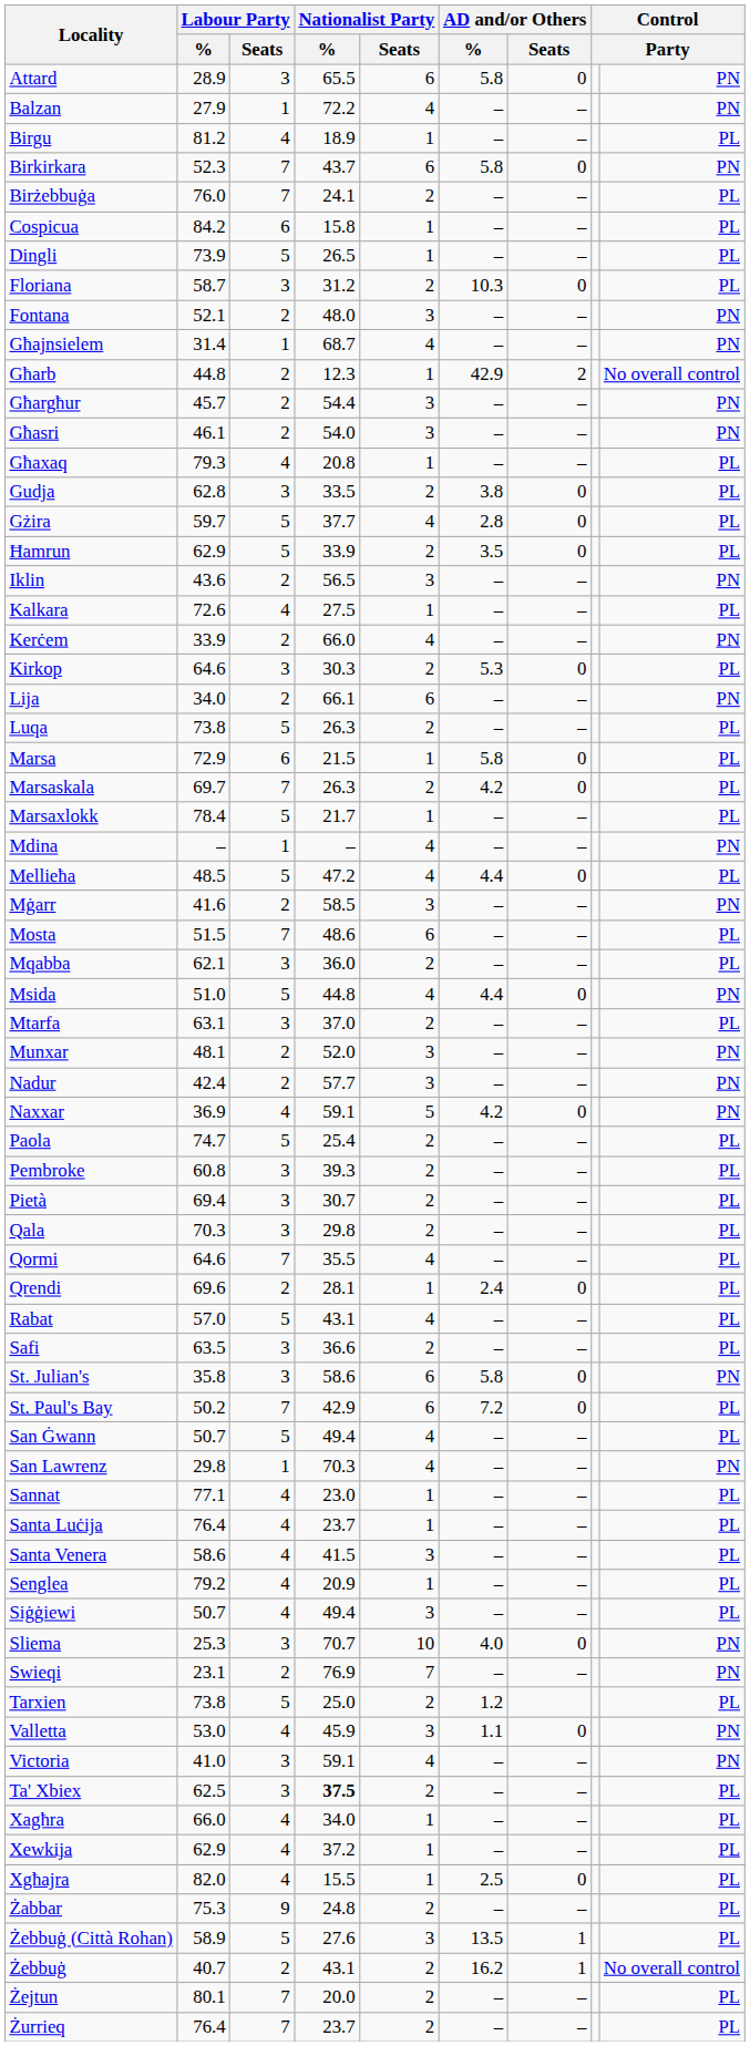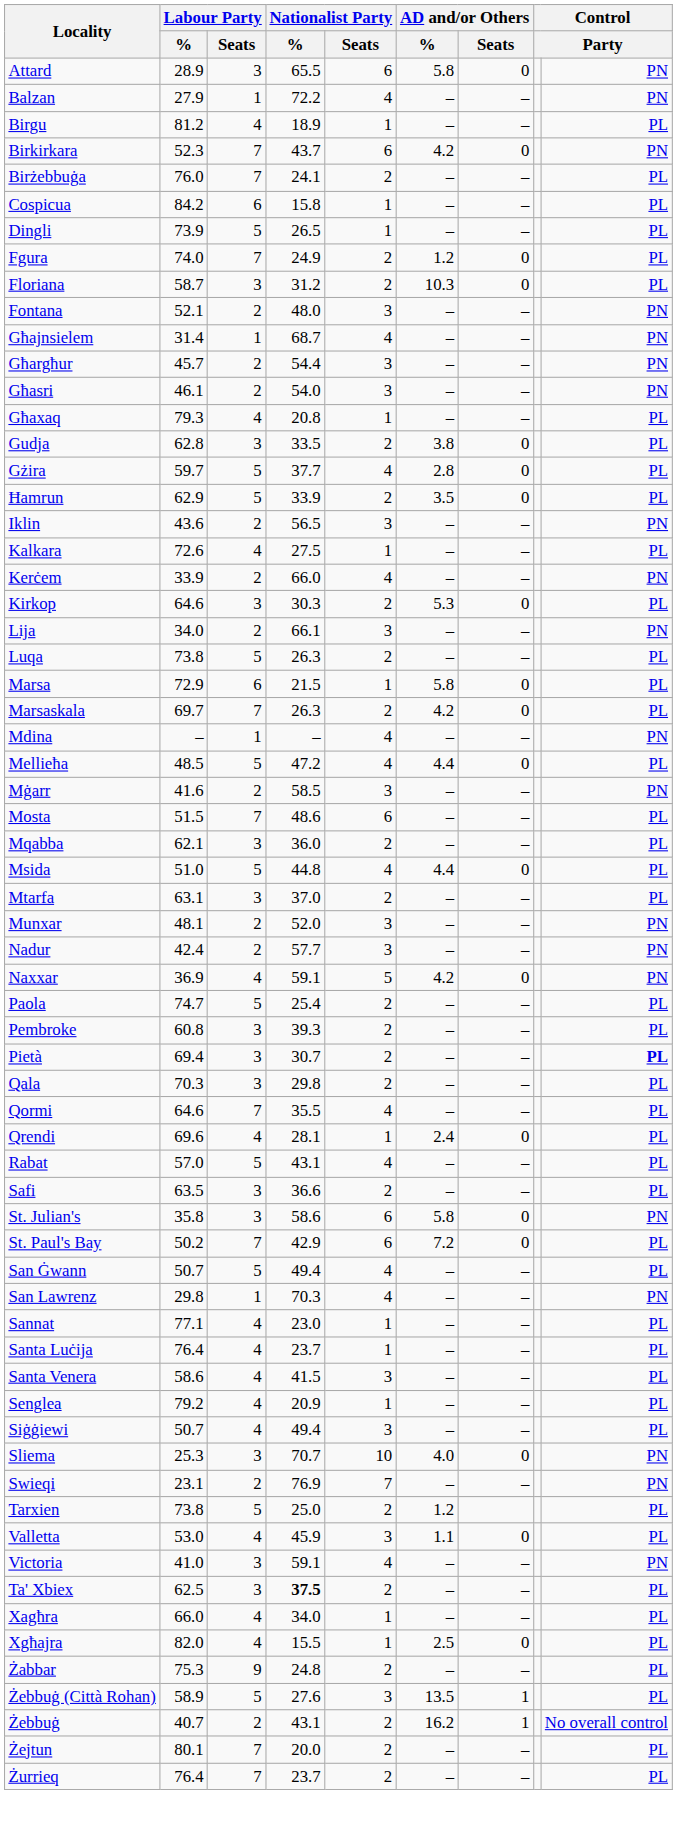 <table class="wikitable sortable" style=text-align:right>
 <tr>
 <th rowspan=2>Locality</th>
 <th colspan=2><a href='#'>Labour Party</a></th>
 <th colspan=2><a href='#'>Nationalist Party</a></th>
 <th colspan=2><a href='#'>AD</a> and/or Others</th>
 <th colspan="2">Control</th>
 </tr>
 <tr>
 <th>%</th>
 <th>Seats</th>
 <th>%</th>
 <th>Seats</th>
 <th>%</th>
 <th>Seats</th>
 <th colspan="2">Party</th>
 </tr>
 <tr>
 <td style="text-align: left"><a href='#'>Attard</a></td>
 <td>28.9</td>
 <td>3</td>
 <td>65.5</td>
 <td>6</td>
 <td>5.8</td>
 <td>0</td>
 <td style="background-color:"></td>
 <td><a href='#'>PN</a></td>
 </tr>
 <tr>
 <td style="text-align: left"><a href='#'>Balzan</a></td>
 <td>27.9</td>
 <td>1</td>
 <td>72.2</td>
 <td>4</td>
 <td>–</td>
 <td>–</td>
 <td style="background-color:"></td>
 <td><a href='#'>PN</a></td>
 </tr>
 <tr>
 <td style="text-align: left"><a href='#'>Birgu</a></td>
 <td>81.2</td>
 <td>4</td>
 <td>18.9</td>
 <td>1</td>
 <td>–</td>
 <td>–</td>
 <td style="background-color:"></td>
 <td><a href='#'>PL</a></td>
 </tr>
 <tr>
 <td style="text-align: left"><a href='#'>Birkirkara</a></td>
 <td>52.3</td>
 <td>7</td>
 <td>43.7</td>
 <td>6</td>
-<td>5.8</td>
+<td>4.2</td>
 <td>0</td>
 <td style="background-color:"></td>
 <td><a href='#'>PN</a></td>
 </tr>
 <tr>
 <td style="text-align: left"><a href='#'>Birżebbuġa</a></td>
 <td>76.0</td>
 <td>7</td>
 <td>24.1</td>
 <td>2</td>
 <td>–</td>
 <td>–</td>
 <td style="background-color:"></td>
 <td><a href='#'>PL</a></td>
 </tr>
 <tr>
 <td style="text-align: left"><a href='#'>Cospicua</a></td>
 <td>84.2</td>
 <td>6</td>
 <td>15.8</td>
 <td>1</td>
 <td>–</td>
 <td>–</td>
 <td style="background-color:"></td>
 <td><a href='#'>PL</a></td>
 </tr>
 <tr>
 <td style="text-align: left"><a href='#'>Dingli</a></td>
 <td>73.9</td>
 <td>5</td>
 <td>26.5</td>
 <td>1</td>
 <td>–</td>
 <td>–</td>
 <td style="background-color:"></td>
 <td><a href='#'>PL</a></td>
 </tr>
 <tr>
+<td style="text-align: left"><a href='#'>Fgura</a></td>
+<td>74.0</td>
+<td>7</td>
+<td>24.9</td>
+<td>2</td>
+<td>1.2</td>
+<td>0</td>
+<td style="background-color:"></td>
+<td><a href='#'>PL</a></td>
+</tr>
+<tr>
 <td style="text-align: left"><a href='#'>Floriana</a></td>
 <td>58.7</td>
 <td>3</td>
 <td>31.2</td>
 <td>2</td>
 <td>10.3</td>
 <td>0</td>
 <td style="background-color:"></td>
 <td><a href='#'>PL</a></td>
 </tr>
 <tr>
 <td style="text-align: left"><a href='#'>Fontana</a></td>
 <td>52.1</td>
 <td>2</td>
 <td>48.0</td>
 <td>3</td>
 <td>–</td>
 <td>–</td>
 <td style="background-color:"></td>
 <td><a href='#'>PN</a></td>
 </tr>
 <tr>
 <td style="text-align: left"><a href='#'>Għajnsielem</a></td>
 <td>31.4</td>
 <td>1</td>
 <td>68.7</td>
 <td>4</td>
 <td>–</td>
 <td>–</td>
 <td style="background-color:"></td>
 <td><a href='#'>PN</a></td>
-</tr>
-<tr>
-<td style="text-align: left"><a href='#'>Għarb</a></td>
-<td>44.8</td>
-<td>2</td>
-<td>12.3</td>
-<td>1</td>
-<td>42.9</td>
-<td>2</td>
-<td style="background-color:"></td>
-<td><a href='#'>No overall control</a></td>
 </tr>
 <tr>
 <td style="text-align: left"><a href='#'>Għargħur</a></td>
 <td>45.7</td>
 <td>2</td>
 <td>54.4</td>
 <td>3</td>
 <td>–</td>
 <td>–</td>
 <td style="background-color:"></td>
 <td><a href='#'>PN</a></td>
 </tr>
 <tr>
 <td style="text-align: left"><a href='#'>Għasri</a></td>
 <td>46.1</td>
 <td>2</td>
 <td>54.0</td>
 <td>3</td>
 <td>–</td>
 <td>–</td>
 <td style="background-color:"></td>
 <td><a href='#'>PN</a></td>
 </tr>
 <tr>
 <td style="text-align: left"><a href='#'>Għaxaq</a></td>
 <td>79.3</td>
 <td>4</td>
 <td>20.8</td>
 <td>1</td>
 <td>–</td>
 <td>–</td>
 <td style="background-color:"></td>
 <td><a href='#'>PL</a></td>
 </tr>
 <tr>
 <td style="text-align: left"><a href='#'>Gudja</a></td>
 <td>62.8</td>
 <td>3</td>
 <td>33.5</td>
 <td>2</td>
 <td>3.8</td>
 <td>0</td>
 <td style="background-color:"></td>
 <td><a href='#'>PL</a></td>
 </tr>
 <tr>
 <td style="text-align: left"><a href='#'>Gżira</a></td>
 <td>59.7</td>
 <td>5</td>
 <td>37.7</td>
 <td>4</td>
 <td>2.8</td>
 <td>0</td>
 <td style="background-color:"></td>
 <td><a href='#'>PL</a></td>
 </tr>
 <tr>
 <td style="text-align: left"><a href='#'>Ħamrun</a></td>
 <td>62.9</td>
 <td>5</td>
 <td>33.9</td>
 <td>2</td>
 <td>3.5</td>
 <td>0</td>
 <td style="background-color:"></td>
 <td><a href='#'>PL</a></td>
 </tr>
 <tr>
 <td style="text-align: left"><a href='#'>Iklin</a></td>
 <td>43.6</td>
 <td>2</td>
 <td>56.5</td>
 <td>3</td>
 <td>–</td>
 <td>–</td>
 <td style="background-color:"></td>
 <td><a href='#'>PN</a></td>
 </tr>
 <tr>
 <td style="text-align: left"><a href='#'>Kalkara</a></td>
 <td>72.6</td>
 <td>4</td>
 <td>27.5</td>
 <td>1</td>
 <td>–</td>
 <td>–</td>
 <td style="background-color:"></td>
 <td><a href='#'>PL</a></td>
 </tr>
 <tr>
 <td style="text-align: left"><a href='#'>Kerċem</a></td>
 <td>33.9</td>
 <td>2</td>
 <td>66.0</td>
 <td>4</td>
 <td>–</td>
 <td>–</td>
 <td style="background-color:"></td>
 <td><a href='#'>PN</a></td>
 </tr>
 <tr>
 <td style="text-align: left"><a href='#'>Kirkop</a></td>
 <td>64.6</td>
 <td>3</td>
 <td>30.3</td>
 <td>2</td>
 <td>5.3</td>
 <td>0</td>
 <td style="background-color:"></td>
 <td><a href='#'>PL</a></td>
 </tr>
 <tr>
 <td style="text-align: left"><a href='#'>Lija</a></td>
 <td>34.0</td>
 <td>2</td>
 <td>66.1</td>
-<td>6</td>
+<td>3</td>
 <td>–</td>
 <td>–</td>
 <td style="background-color:"></td>
 <td><a href='#'>PN</a></td>
 </tr>
 <tr>
 <td style="text-align: left"><a href='#'>Luqa</a></td>
 <td>73.8</td>
 <td>5</td>
 <td>26.3</td>
 <td>2</td>
 <td>–</td>
 <td>–</td>
 <td style="background-color:"></td>
 <td><a href='#'>PL</a></td>
 </tr>
 <tr>
 <td style="text-align: left"><a href='#'>Marsa</a></td>
 <td>72.9</td>
 <td>6</td>
 <td>21.5</td>
 <td>1</td>
 <td>5.8</td>
 <td>0</td>
 <td style="background-color:"></td>
 <td><a href='#'>PL</a></td>
 </tr>
 <tr>
 <td style="text-align: left"><a href='#'>Marsaskala</a></td>
 <td>69.7</td>
 <td>7</td>
 <td>26.3</td>
 <td>2</td>
 <td>4.2</td>
 <td>0</td>
-<td style="background-color:"></td>
-<td><a href='#'>PL</a></td>
-</tr>
-<tr>
-<td style="text-align: left"><a href='#'>Marsaxlokk</a></td>
-<td>78.4</td>
-<td>5</td>
-<td>21.7</td>
-<td>1</td>
-<td>–</td>
-<td>–</td>
 <td style="background-color:"></td>
 <td><a href='#'>PL</a></td>
 </tr>
 <tr>
 <td style="text-align: left"><a href='#'>Mdina</a></td>
 <td>–</td>
 <td>1</td>
 <td>–</td>
 <td>4</td>
 <td>–</td>
 <td>–</td>
 <td style="background-color:"></td>
 <td><a href='#'>PN</a></td>
 </tr>
 <tr>
 <td style="text-align: left"><a href='#'>Mellieħa</a></td>
 <td>48.5</td>
 <td>5</td>
 <td>47.2</td>
 <td>4</td>
 <td>4.4</td>
 <td>0</td>
 <td style="background-color:"></td>
 <td><a href='#'>PL</a></td>
 </tr>
 <tr>
 <td style="text-align: left"><a href='#'>Mġarr</a></td>
 <td>41.6</td>
 <td>2</td>
 <td>58.5</td>
 <td>3</td>
 <td>–</td>
 <td>–</td>
 <td style="background-color:"></td>
 <td><a href='#'>PN</a></td>
 </tr>
 <tr>
 <td style="text-align: left"><a href='#'>Mosta</a></td>
 <td>51.5</td>
 <td>7</td>
 <td>48.6</td>
 <td>6</td>
 <td>–</td>
 <td>–</td>
 <td style="background-color:"></td>
 <td><a href='#'>PL</a></td>
 </tr>
 <tr>
 <td style="text-align: left"><a href='#'>Mqabba</a></td>
 <td>62.1</td>
 <td>3</td>
 <td>36.0</td>
 <td>2</td>
 <td>–</td>
 <td>–</td>
 <td style="background-color:"></td>
 <td><a href='#'>PL</a></td>
 </tr>
 <tr>
 <td style="text-align: left"><a href='#'>Msida</a></td>
 <td>51.0</td>
 <td>5</td>
 <td>44.8</td>
 <td>4</td>
 <td>4.4</td>
 <td>0</td>
 <td style="background-color:"></td>
-<td><a href='#'>PN</a></td>
+<td><a href='#'>PL</a></td>
 </tr>
 <tr>
 <td style="text-align: left"><a href='#'>Mtarfa</a></td>
 <td>63.1</td>
 <td>3</td>
 <td>37.0</td>
 <td>2</td>
 <td>–</td>
 <td>–</td>
 <td style="background-color:"></td>
 <td><a href='#'>PL</a></td>
 </tr>
 <tr>
 <td style="text-align: left"><a href='#'>Munxar</a></td>
 <td>48.1</td>
 <td>2</td>
 <td>52.0</td>
 <td>3</td>
 <td>–</td>
 <td>–</td>
 <td style="background-color:"></td>
 <td><a href='#'>PN</a></td>
 </tr>
 <tr>
 <td style="text-align: left"><a href='#'>Nadur</a></td>
 <td>42.4</td>
 <td>2</td>
 <td>57.7</td>
 <td>3</td>
 <td>–</td>
 <td>–</td>
 <td style="background-color:"></td>
 <td><a href='#'>PN</a></td>
 </tr>
 <tr>
 <td style="text-align: left"><a href='#'>Naxxar</a></td>
 <td>36.9</td>
 <td>4</td>
 <td>59.1</td>
 <td>5</td>
 <td>4.2</td>
 <td>0</td>
 <td style="background-color:"></td>
 <td><a href='#'>PN</a></td>
 </tr>
 <tr>
 <td style="text-align: left"><a href='#'>Paola</a></td>
 <td>74.7</td>
 <td>5</td>
 <td>25.4</td>
 <td>2</td>
 <td>–</td>
 <td>–</td>
 <td style="background-color:"></td>
 <td><a href='#'>PL</a></td>
 </tr>
 <tr>
 <td style="text-align: left"><a href='#'>Pembroke</a></td>
 <td>60.8</td>
 <td>3</td>
 <td>39.3</td>
 <td>2</td>
 <td>–</td>
 <td>–</td>
 <td style="background-color:"></td>
 <td><a href='#'>PL</a></td>
 </tr>
 <tr>
 <td style="text-align: left"><a href='#'>Pietà</a></td>
 <td>69.4</td>
 <td>3</td>
 <td>30.7</td>
 <td>2</td>
 <td>–</td>
 <td>–</td>
 <td style="background-color:"></td>
-<td><a href='#'>PL</a></td>
+<td><strong><a href='#'>PL</a></strong></td>
 </tr>
 <tr>
 <td style="text-align: left"><a href='#'>Qala</a></td>
 <td>70.3</td>
 <td>3</td>
 <td>29.8</td>
 <td>2</td>
 <td>–</td>
 <td>–</td>
 <td style="background-color:"></td>
 <td><a href='#'>PL</a></td>
 </tr>
 <tr>
 <td style="text-align: left"><a href='#'>Qormi</a></td>
 <td>64.6</td>
 <td>7</td>
 <td>35.5</td>
 <td>4</td>
 <td>–</td>
 <td>–</td>
 <td style="background-color:"></td>
 <td><a href='#'>PL</a></td>
 </tr>
 <tr>
 <td style="text-align: left"><a href='#'>Qrendi</a></td>
 <td>69.6</td>
-<td>2</td>
+<td>4</td>
 <td>28.1</td>
 <td>1</td>
 <td>2.4</td>
 <td>0</td>
 <td style="background-color:"></td>
 <td><a href='#'>PL</a></td>
 </tr>
 <tr>
 <td style="text-align: left"><a href='#'>Rabat</a></td>
 <td>57.0</td>
 <td>5</td>
 <td>43.1</td>
 <td>4</td>
 <td>–</td>
 <td>–</td>
 <td style="background-color:"></td>
 <td><a href='#'>PL</a></td>
 </tr>
 <tr>
 <td style="text-align: left"><a href='#'>Safi</a></td>
 <td>63.5</td>
 <td>3</td>
 <td>36.6</td>
 <td>2</td>
 <td>–</td>
 <td>–</td>
 <td style="background-color:"></td>
 <td><a href='#'>PL</a></td>
 </tr>
 <tr>
 <td style="text-align: left"><a href='#'>St. Julian's</a></td>
 <td>35.8</td>
 <td>3</td>
 <td>58.6</td>
 <td>6</td>
 <td>5.8</td>
 <td>0</td>
 <td style="background-color:"></td>
 <td><a href='#'>PN</a></td>
 </tr>
 <tr>
 <td style="text-align: left"><a href='#'>St. Paul's Bay</a></td>
 <td>50.2</td>
 <td>7</td>
 <td>42.9</td>
 <td>6</td>
 <td>7.2</td>
 <td>0</td>
 <td style="background-color:"></td>
 <td><a href='#'>PL</a></td>
 </tr>
 <tr>
 <td style="text-align: left"><a href='#'>San Ġwann</a></td>
 <td>50.7</td>
 <td>5</td>
 <td>49.4</td>
 <td>4</td>
 <td>–</td>
 <td>–</td>
 <td style="background-color:"></td>
 <td><a href='#'>PL</a></td>
 </tr>
 <tr>
 <td style="text-align: left"><a href='#'>San Lawrenz</a></td>
 <td>29.8</td>
 <td>1</td>
 <td>70.3</td>
 <td>4</td>
 <td>–</td>
 <td>–</td>
 <td style="background-color:"></td>
 <td><a href='#'>PN</a></td>
 </tr>
 <tr>
 <td style="text-align: left"><a href='#'>Sannat</a></td>
 <td>77.1</td>
 <td>4</td>
 <td>23.0</td>
 <td>1</td>
 <td>–</td>
 <td>–</td>
 <td style="background-color:"></td>
 <td><a href='#'>PL</a></td>
 </tr>
 <tr>
 <td style="text-align: left"><a href='#'>Santa Luċija</a></td>
 <td>76.4</td>
 <td>4</td>
 <td>23.7</td>
 <td>1</td>
 <td>–</td>
 <td>–</td>
 <td style="background-color:"></td>
 <td><a href='#'>PL</a></td>
 </tr>
 <tr>
 <td style="text-align: left"><a href='#'>Santa Venera</a></td>
 <td>58.6</td>
 <td>4</td>
 <td>41.5</td>
 <td>3</td>
 <td>–</td>
 <td>–</td>
 <td style="background-color:"></td>
 <td><a href='#'>PL</a></td>
 </tr>
 <tr>
 <td style="text-align: left"><a href='#'>Senglea</a></td>
 <td>79.2</td>
 <td>4</td>
 <td>20.9</td>
 <td>1</td>
 <td>–</td>
 <td>–</td>
 <td style="background-color:"></td>
 <td><a href='#'>PL</a></td>
 </tr>
 <tr>
 <td style="text-align: left"><a href='#'>Siġġiewi</a></td>
 <td>50.7</td>
 <td>4</td>
 <td>49.4</td>
 <td>3</td>
 <td>–</td>
 <td>–</td>
 <td style="background-color:"></td>
 <td><a href='#'>PL</a></td>
 </tr>
 <tr>
 <td style="text-align: left"><a href='#'>Sliema</a></td>
 <td>25.3</td>
 <td>3</td>
 <td>70.7</td>
 <td>10</td>
 <td>4.0</td>
 <td>0</td>
 <td style="background-color:"></td>
 <td><a href='#'>PN</a></td>
 </tr>
 <tr>
 <td style="text-align: left"><a href='#'>Swieqi</a></td>
 <td>23.1</td>
 <td>2</td>
 <td>76.9</td>
 <td>7</td>
 <td>–</td>
 <td>–</td>
 <td style="background-color:"></td>
 <td><a href='#'>PN</a></td>
 </tr>
 <tr>
 <td style="text-align: left"><a href='#'>Tarxien</a></td>
 <td>73.8</td>
 <td>5</td>
 <td>25.0</td>
 <td>2</td>
 <td>1.2</td>
 <td></td>
 <td style="background-color:"></td>
 <td><a href='#'>PL</a></td>
 </tr>
 <tr>
 <td style="text-align: left"><a href='#'>Valletta</a></td>
 <td>53.0</td>
 <td>4</td>
 <td>45.9</td>
 <td>3</td>
 <td>1.1</td>
 <td>0</td>
 <td style="background-color:"></td>
-<td><a href='#'>PN</a></td>
+<td><a href='#'>PL</a></td>
 </tr>
 <tr>
 <td style="text-align: left"><a href='#'>Victoria</a></td>
 <td>41.0</td>
 <td>3</td>
 <td>59.1</td>
 <td>4</td>
 <td>–</td>
 <td>–</td>
 <td style="background-color:"></td>
 <td><a href='#'>PN</a></td>
 </tr>
 <tr>
 <td style="text-align: left"><a href='#'>Ta' Xbiex</a></td>
 <td>62.5</td>
 <td>3</td>
 <td><strong>37.5</strong></td>
 <td>2</td>
 <td>–</td>
 <td>–</td>
 <td style="background-color:"></td>
 <td><a href='#'>PL</a></td>
 </tr>
 <tr>
 <td style="text-align: left"><a href='#'>Xagħra</a></td>
 <td>66.0</td>
 <td>4</td>
 <td>34.0</td>
-<td>1</td>
-<td>–</td>
-<td>–</td>
-<td style="background-color:"></td>
-<td><a href='#'>PL</a></td>
-</tr>
-<tr>
-<td style="text-align: left"><a href='#'>Xewkija</a></td>
-<td>62.9</td>
-<td>4</td>
-<td>37.2</td>
 <td>1</td>
 <td>–</td>
 <td>–</td>
 <td style="background-color:"></td>
 <td><a href='#'>PL</a></td>
 </tr>
 <tr>
 <td style="text-align: left"><a href='#'>Xgħajra</a></td>
 <td>82.0</td>
 <td>4</td>
 <td>15.5</td>
 <td>1</td>
 <td>2.5</td>
 <td>0</td>
 <td style="background-color:"></td>
 <td><a href='#'>PL</a></td>
 </tr>
 <tr>
 <td style="text-align: left"><a href='#'>Żabbar</a></td>
 <td>75.3</td>
 <td>9</td>
 <td>24.8</td>
 <td>2</td>
 <td>–</td>
 <td>–</td>
 <td style="background-color:"></td>
 <td><a href='#'>PL</a></td>
 </tr>
 <tr>
 <td style="text-align: left"><a href='#'>Żebbuġ (Città Rohan)</a></td>
 <td>58.9</td>
 <td>5</td>
 <td>27.6</td>
 <td>3</td>
 <td>13.5</td>
 <td>1</td>
 <td style="background-color:"></td>
 <td><a href='#'>PL</a></td>
 </tr>
 <tr>
 <td style="text-align: left"><a href='#'>Żebbuġ</a></td>
 <td>40.7</td>
 <td>2</td>
 <td>43.1</td>
 <td>2</td>
 <td>16.2</td>
 <td>1</td>
 <td style="background-color:"></td>
 <td><a href='#'>No overall control</a></td>
 </tr>
 <tr>
 <td style="text-align: left"><a href='#'>Żejtun</a></td>
 <td>80.1</td>
 <td>7</td>
 <td>20.0</td>
 <td>2</td>
 <td>–</td>
 <td>–</td>
 <td style="background-color:"></td>
 <td><a href='#'>PL</a></td>
 </tr>
 <tr>
 <td style="text-align: left"><a href='#'>Żurrieq</a></td>
 <td>76.4</td>
 <td>7</td>
 <td>23.7</td>
 <td>2</td>
 <td>–</td>
 <td>–</td>
 <td style="background-color:"></td>
 <td><a href='#'>PL</a></td>
 </tr>
 </table>
